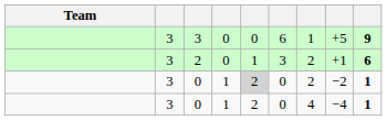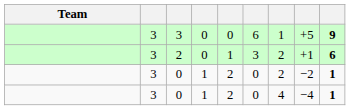 <table class="wikitable" style="text-align:center">
 <tr>
 <th width="165">Team</th>
 <th width=25></th>
 <th width=25></th>
 <th width=25></th>
 <th width=25></th>
 <th width=25></th>
 <th width=25></th>
 <th width=25></th>
 <th width=25></th>
 </tr>
 <tr style="background:#ccffcc;">
 <td align=left></td>
 <td>3</td>
 <td>3</td>
 <td>0</td>
 <td>0</td>
 <td>6</td>
 <td>1</td>
 <td>+5</td>
 <td><strong>9</strong></td>
 </tr>
 <tr style="background:#ccffcc;">
 <td align=left></td>
 <td>3</td>
 <td>2</td>
 <td>0</td>
 <td>1</td>
 <td>3</td>
 <td>2</td>
 <td>+1</td>
 <td><strong>6</strong></td>
 </tr>
 <tr>
 <td align=left></td>
 <td>3</td>
 <td>0</td>
 <td>1</td>
-<td style="background: lightgrey;">2</td>
+<td>2</td>
 <td>0</td>
 <td>2</td>
 <td>−2</td>
 <td><strong>1</strong></td>
 </tr>
 <tr>
 <td align=left></td>
 <td>3</td>
 <td>0</td>
 <td>1</td>
 <td>2</td>
 <td>0</td>
 <td>4</td>
 <td>−4</td>
 <td><strong>1</strong></td>
 </tr>
 </table>
